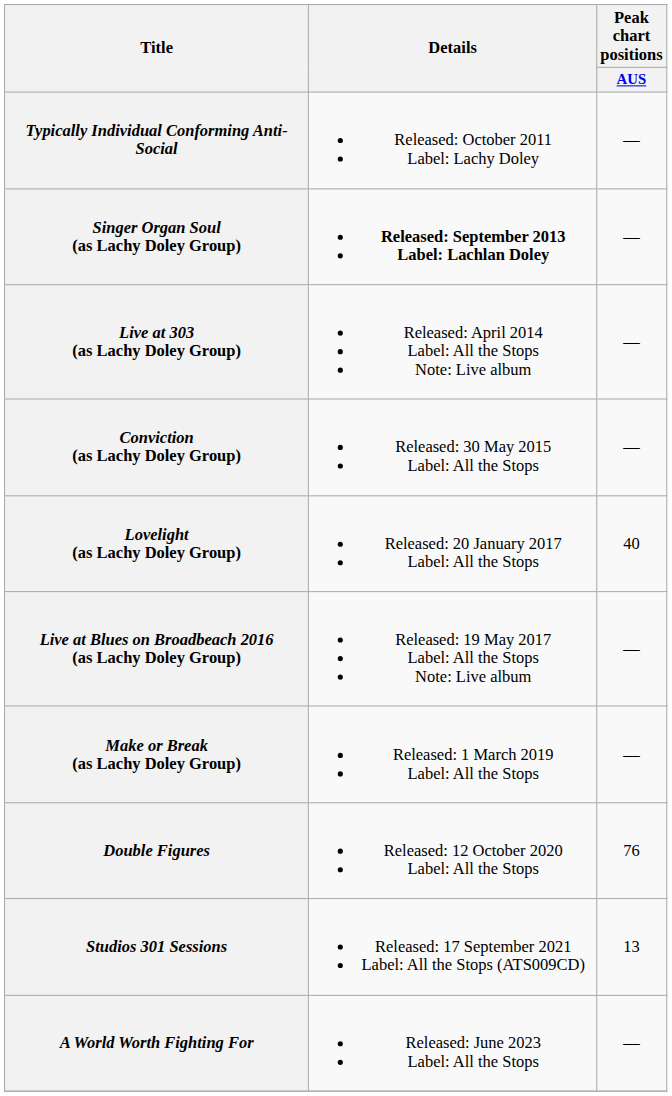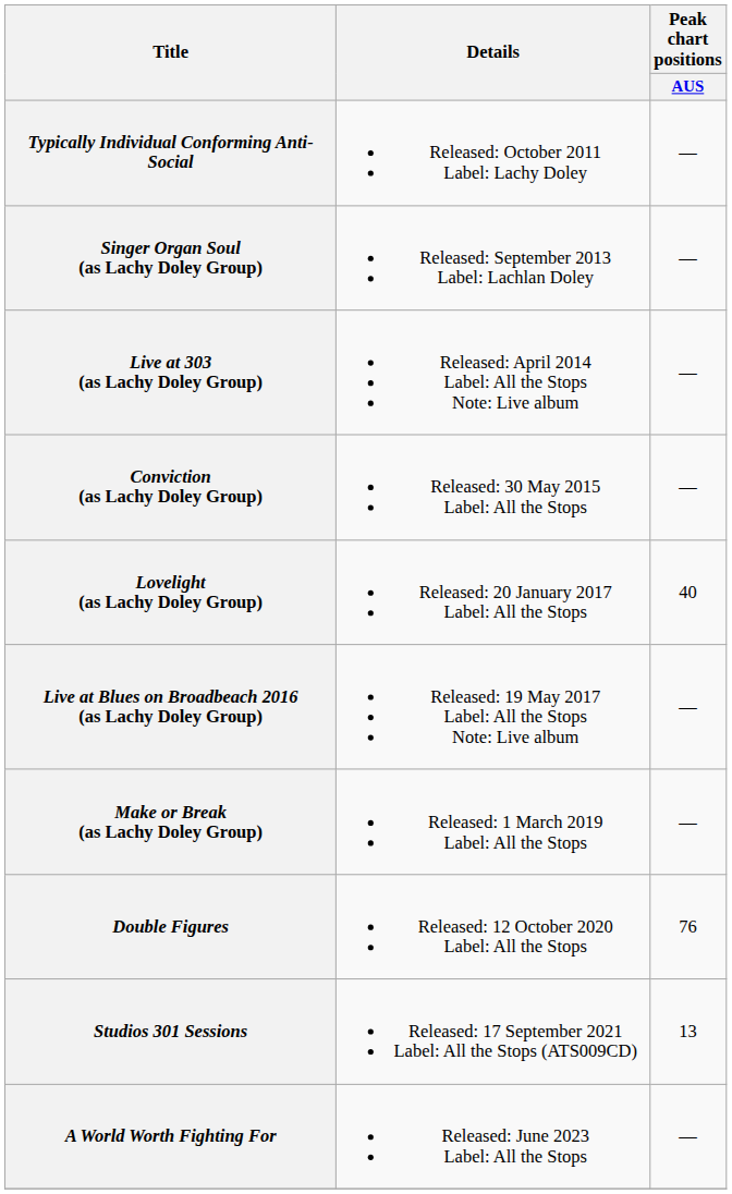 <table class="wikitable plainrowheaders" style="text-align:center;" border="1">
 <tr>
 <th scope="col" rowspan="2" style="width:18em;">Title</th>
 <th scope="col" rowspan="2" style="width:17em;">Details</th>
 <th scope="col" colspan="1">Peak chart positions</th>
 </tr>
 <tr>
 <th scope="col" style="width:3em;font-size:90%;"><a href='#'>AUS</a><br></th>
 </tr>
 <tr>
 <th scope="row"><em>Typically Individual Conforming Anti-Social</em></th>
 <td><br><ul><li>Released: October 2011</li><li>Label: Lachy Doley</li></ul></td>
 <td>—</td>
 </tr>
 <tr>
 <th scope="row"><em>Singer Organ Soul</em> <br> (as Lachy Doley Group)</th>
-<td><strong><br><ul><li>Released: September 2013</li><li>Label: Lachlan Doley</li></ul></strong></td>
+<td><br><ul><li>Released: September 2013</li><li>Label: Lachlan Doley</li></ul></td>
 <td>—</td>
 </tr>
 <tr>
 <th scope="row"><em>Live at 303</em> <br> (as Lachy Doley Group)</th>
 <td><br><ul><li>Released: April 2014</li><li>Label: All the Stops</li><li>Note: Live album</li></ul></td>
 <td>—</td>
 </tr>
 <tr>
 <th scope="row"><em>Conviction</em> <br> (as Lachy Doley Group)</th>
 <td><br><ul><li>Released: 30 May 2015 </li><li>Label: All the Stops</li></ul></td>
 <td>—</td>
 </tr>
 <tr>
 <th scope="row"><em>Lovelight</em> <br> (as Lachy Doley Group)</th>
 <td><br><ul><li>Released: 20 January 2017</li><li>Label: All the Stops</li></ul></td>
 <td>40</td>
 </tr>
 <tr>
 <th scope="row"><em>Live at Blues on Broadbeach 2016</em> <br> (as Lachy Doley Group)</th>
 <td><br><ul><li>Released: 19 May 2017 </li><li>Label: All the Stops</li><li>Note: Live album</li></ul></td>
 <td>—</td>
 </tr>
 <tr>
 <th scope="row"><em>Make or Break</em> <br> (as Lachy Doley Group)</th>
 <td><br><ul><li>Released: 1 March 2019</li><li>Label: All the Stops</li></ul></td>
 <td>—</td>
 </tr>
 <tr>
 <th scope="row"><em>Double Figures</em></th>
 <td><br><ul><li>Released: 12 October 2020</li><li>Label: All the Stops</li></ul></td>
 <td>76</td>
 </tr>
 <tr>
 <th scope="row"><em>Studios 301 Sessions</em></th>
 <td><br><ul><li>Released: 17 September 2021</li><li>Label: All the Stops (ATS009CD)</li></ul></td>
 <td>13<br></td>
 </tr>
 <tr>
 <th scope="row"><em>A World Worth Fighting For</em></th>
 <td><br><ul><li>Released: June 2023</li><li>Label: All the Stops</li></ul></td>
 <td>—</td>
 </tr>
 <tr>
 </tr>
 </table>
